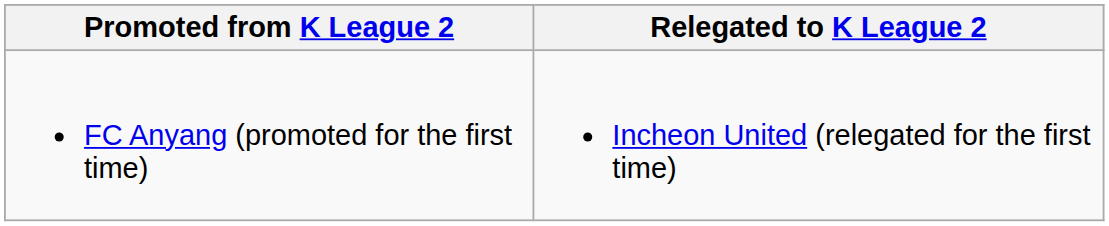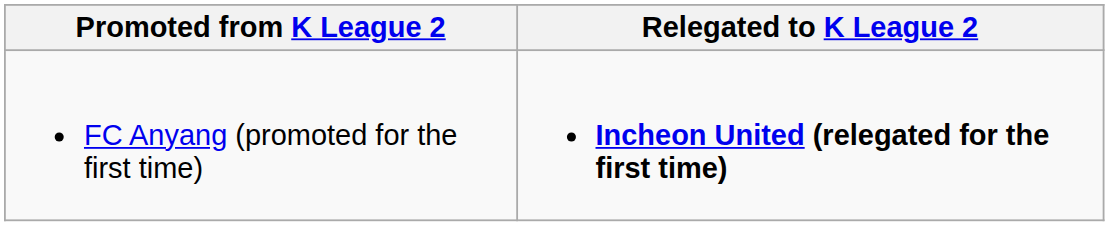 <table class="wikitable">
 <tr>
 <th> Promoted from <a href='#'>K League 2</a></th>
 <th> Relegated to <a href='#'>K League 2</a></th>
 </tr>
 <tr>
 <td><br><ul><li><a href='#'>FC Anyang</a> (promoted for the first time)</li></ul></td>
-<td><br><ul><li><a href='#'>Incheon United</a> (relegated for the first time)</li></ul></td>
+<td><strong><br><ul><li><a href='#'>Incheon United</a> (relegated for the first time)</li></ul></strong></td>
 </tr>
 </table>
